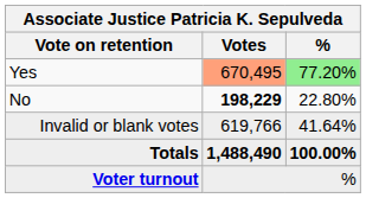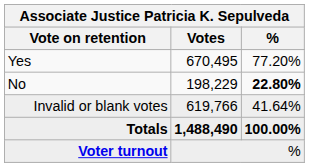 <table class="wikitable" style="font-size: 95%;">
 <tr style="background-color:#E9E9E9">
 <th colspan=7>Associate Justice Patricia K. Sepulveda</th>
 </tr>
 <tr style="background-color:#E9E9E9">
 <th style="width: 170px">Vote on retention</th>
 <th style="width: 50px">Votes</th>
 <th style="width: 40px">%</th>
 </tr>
 <tr>
 <td>Yes</td>
-<td align="right" style="background: lightsalmon;">670,495</td>
-<td align="right" style="background: lightgreen;">77.20%</td>
+<td align="right">670,495</td>
+<td align="right">77.20%</td>
 </tr>
 <tr>
 <td>No</td>
-<td align="right"><strong>198,229</strong></td>
-<td align="right">22.80%</td>
+<td align="right">198,229</td>
+<td align="right"><strong>22.80%</strong></td>
 </tr>
 <tr bgcolor="#EEEEEE">
 <td align="right">Invalid or blank votes</td>
 <td align="right">619,766</td>
 <td align="right">41.64%</td>
 </tr>
 <tr bgcolor="#EEEEEE">
 <td align="right"><strong>Totals</strong></td>
 <td align="right"><strong>1,488,490</strong></td>
 <td align="right"><strong>100.00%</strong></td>
 </tr>
 <tr bgcolor="#EEEEEE">
 <td align="right"><strong><a href='#'>Voter turnout</a></strong></td>
 <td colspan="2" align="right">%</td>
 </tr>
 </table>
